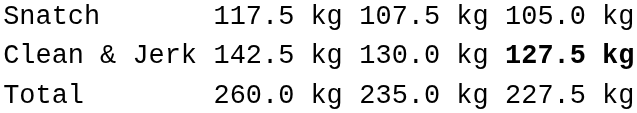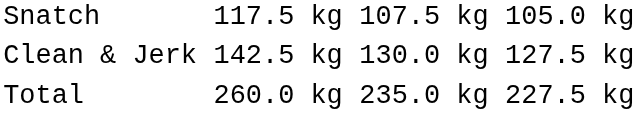 <table>
 <tr>
 <td>Snatch</td>
 <td></td>
 <td>117.5 kg</td>
 <td></td>
 <td>107.5 kg</td>
 <td></td>
 <td>105.0 kg</td>
 </tr>
 <tr>
 <td>Clean & Jerk</td>
 <td></td>
 <td>142.5 kg</td>
 <td></td>
 <td>130.0 kg</td>
 <td></td>
-<td><strong>127.5 kg</strong></td>
+<td>127.5 kg</td>
 </tr>
 <tr>
 <td>Total</td>
 <td></td>
 <td>260.0 kg</td>
 <td></td>
 <td>235.0 kg</td>
 <td></td>
 <td>227.5 kg</td>
 </tr>
 </table>
